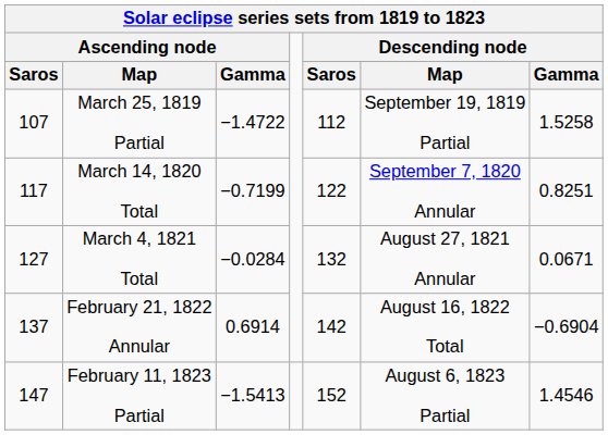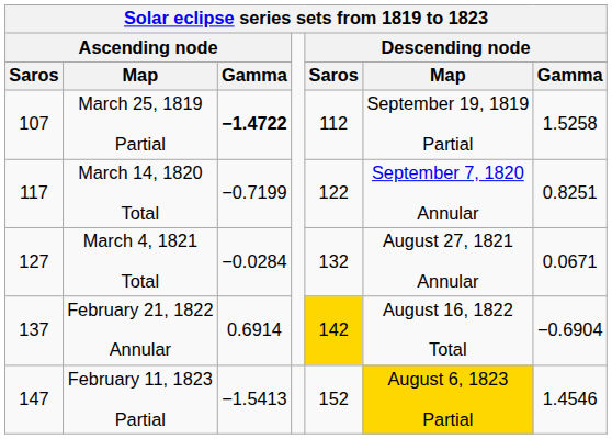 <table class="wikitable mw-collapsible mw-collapsed">
 <tr>
 <th class="nowrap" colspan="7"><a href='#'>Solar eclipse</a> series sets from 1819 to 1823</th>
 </tr>
 <tr>
 <th scope="col" colspan="3">Ascending node</th>
 <td rowspan="6"> </td>
 <th scope="col" colspan="3">Descending node</th>
 </tr>
 <tr style="text-align: center;">
 <th scope="col">Saros</th>
 <th scope="col">Map</th>
 <th scope="col">Gamma</th>
 <th scope="col">Saros</th>
 <th scope="col">Map</th>
 <th scope="col">Gamma</th>
 </tr>
 <tr style="text-align: center;">
 <td>107</td>
 <td>March 25, 1819<br><br>Partial</td>
-<td>−1.4722</td>
+<td><strong>−1.4722</strong></td>
 <td>112</td>
 <td>September 19, 1819<br><br>Partial</td>
 <td>1.5258</td>
 </tr>
 <tr style="text-align: center;">
 <td>117</td>
 <td>March 14, 1820<br><br>Total</td>
 <td>−0.7199</td>
 <td>122</td>
 <td><a href='#'>September 7, 1820</a><br><br>Annular</td>
 <td>0.8251</td>
 </tr>
 <tr style="text-align: center;">
 <td>127</td>
 <td>March 4, 1821<br><br>Total</td>
 <td>−0.0284</td>
 <td>132</td>
 <td>August 27, 1821<br><br>Annular</td>
 <td>0.0671</td>
 </tr>
 <tr style="text-align: center;">
 <td>137</td>
 <td>February 21, 1822<br><br>Annular</td>
 <td>0.6914</td>
-<td>142</td>
+<td style="background: gold;">142</td>
 <td>August 16, 1822<br><br>Total</td>
 <td>−0.6904</td>
 </tr>
 <tr style="text-align: center;">
 <td>147</td>
 <td>February 11, 1823<br><br>Partial</td>
 <td>−1.5413</td>
 <td></td>
 <td>152</td>
-<td>August 6, 1823<br><br>Partial</td>
+<td style="background: gold;">August 6, 1823<br><br>Partial</td>
 <td>1.4546</td>
 </tr>
 </table>
